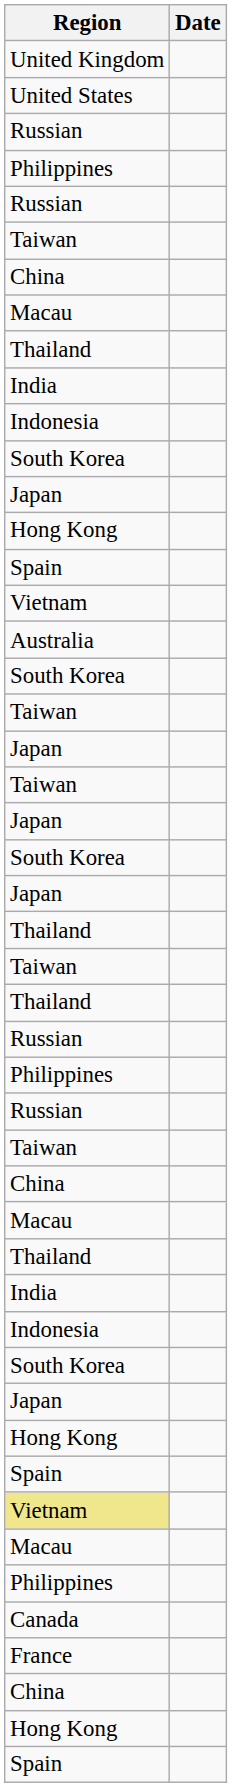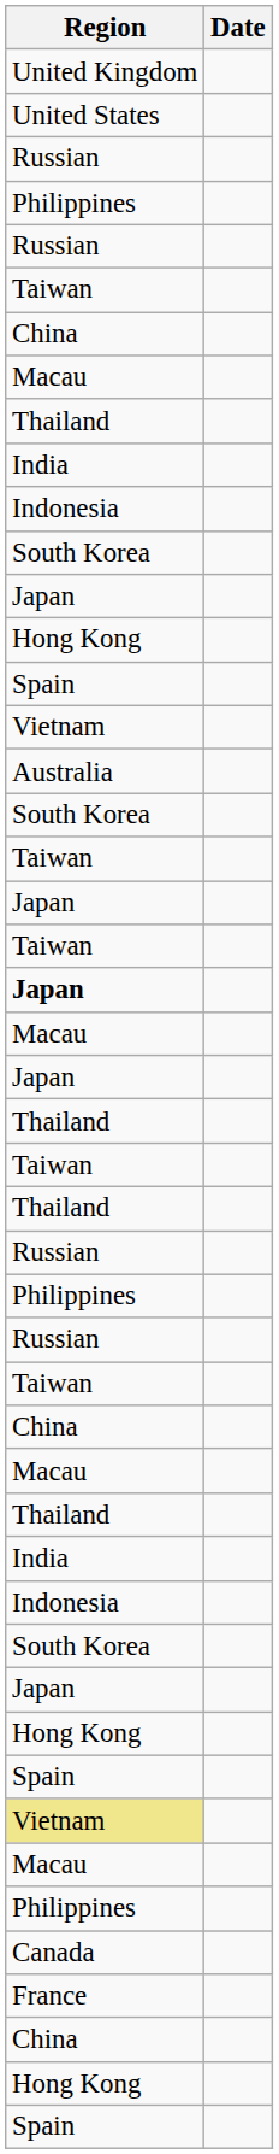 <table class="wikitable">
 <tr>
 <th>Region</th>
 <th>Date</th>
 </tr>
 <tr>
 <td>United Kingdom</td>
 <td></td>
 </tr>
 <tr>
 <td>United States</td>
 <td></td>
 </tr>
 <tr>
 <td>Russian</td>
 <td></td>
 </tr>
 <tr>
 <td>Philippines</td>
 <td></td>
 </tr>
 <tr>
 <td>Russian</td>
 <td></td>
 </tr>
 <tr>
 <td>Taiwan</td>
 <td></td>
 </tr>
 <tr>
 <td>China</td>
 <td></td>
 </tr>
 <tr>
 <td>Macau</td>
 <td></td>
 </tr>
 <tr>
 <td>Thailand</td>
 <td></td>
 </tr>
 <tr>
 <td>India</td>
 <td></td>
 </tr>
 <tr>
 <td>Indonesia</td>
 <td></td>
 </tr>
 <tr>
 <td>South Korea</td>
 <td></td>
 </tr>
 <tr>
 <td>Japan</td>
 <td></td>
 </tr>
 <tr>
 <td>Hong Kong</td>
 <td></td>
 </tr>
 <tr>
 <td>Spain</td>
 <td></td>
 </tr>
 <tr>
 <td>Vietnam</td>
 <td></td>
 </tr>
 <tr>
 <td>Australia</td>
 <td></td>
 </tr>
 <tr>
 <td>South Korea</td>
 <td></td>
 </tr>
 <tr>
 <td>Taiwan</td>
 <td></td>
 </tr>
 <tr>
 <td>Japan</td>
 <td></td>
 </tr>
 <tr>
 <td>Taiwan</td>
 <td></td>
 </tr>
 <tr>
-<td>Japan</td>
+<td><strong>Japan</strong></td>
 <td></td>
 </tr>
 <tr>
-<td>South Korea</td>
+<td>Macau</td>
 <td></td>
 </tr>
 <tr>
 <td>Japan</td>
 <td></td>
 </tr>
 <tr>
 <td>Thailand</td>
 <td></td>
 </tr>
 <tr>
 <td>Taiwan</td>
 <td></td>
 </tr>
 <tr>
 <td>Thailand</td>
 <td></td>
 </tr>
 <tr>
 <td>Russian</td>
 <td></td>
 </tr>
 <tr>
 <td>Philippines</td>
 <td></td>
 </tr>
 <tr>
 <td>Russian</td>
 <td></td>
 </tr>
 <tr>
 <td>Taiwan</td>
 <td></td>
 </tr>
 <tr>
 <td>China</td>
 <td></td>
 </tr>
 <tr>
 <td>Macau</td>
 <td></td>
 </tr>
 <tr>
 <td>Thailand</td>
 <td></td>
 </tr>
 <tr>
 <td>India</td>
 <td></td>
 </tr>
 <tr>
 <td>Indonesia</td>
 <td></td>
 </tr>
 <tr>
 <td>South Korea</td>
 <td></td>
 </tr>
 <tr>
 <td>Japan</td>
 <td></td>
 </tr>
 <tr>
 <td>Hong Kong</td>
 <td></td>
 </tr>
 <tr>
 <td>Spain</td>
 <td></td>
 </tr>
 <tr>
 <td style="background: khaki;">Vietnam</td>
 <td></td>
 </tr>
 <tr>
 <td>Macau</td>
 <td></td>
 </tr>
 <tr>
 <td>Philippines</td>
 <td></td>
 </tr>
 <tr>
 <td>Canada</td>
 <td></td>
 </tr>
 <tr>
 <td>France</td>
 <td></td>
 </tr>
 <tr>
 <td>China</td>
 <td></td>
 </tr>
 <tr>
 <td>Hong Kong</td>
 <td></td>
 </tr>
 <tr>
 <td>Spain</td>
 <td></td>
 </tr>
 </table>
